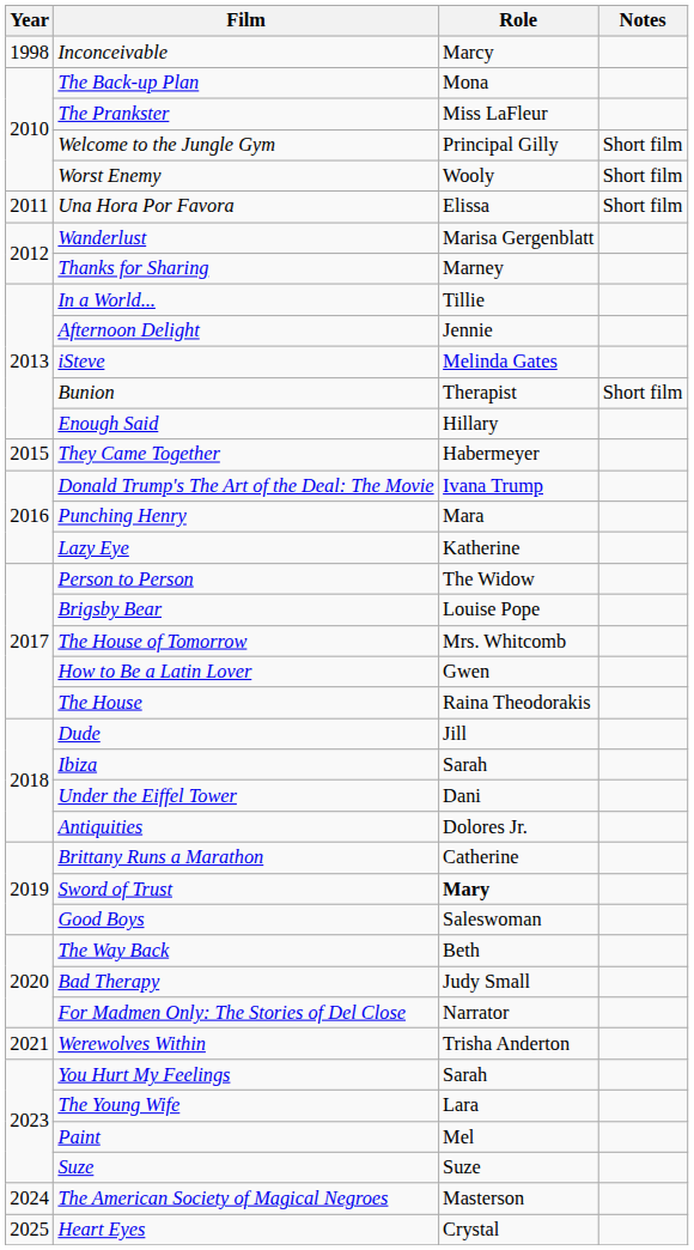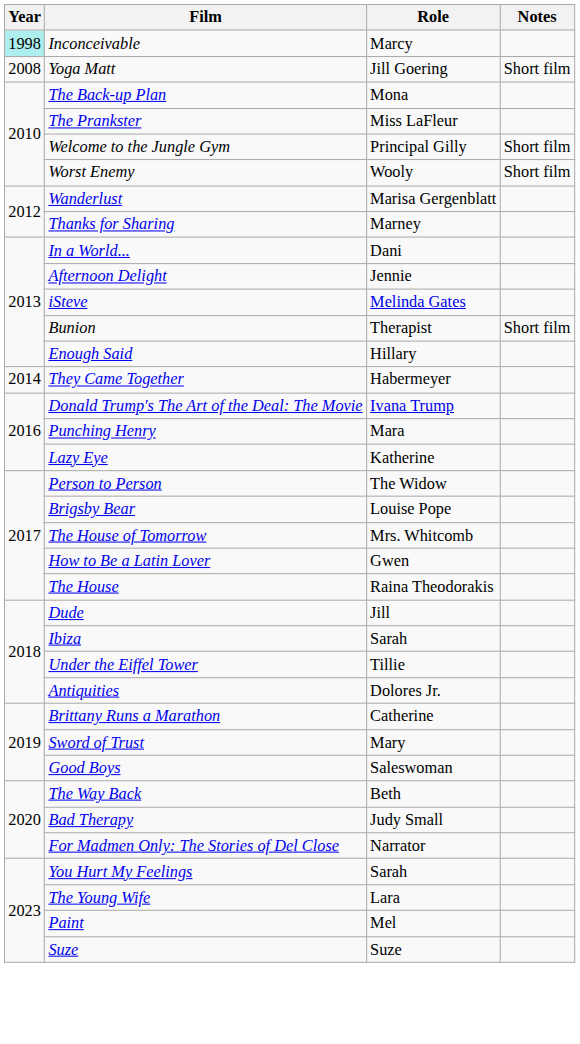 <table class="wikitable" style="font size:90%">
 <tr>
 <th>Year</th>
 <th>Film</th>
 <th>Role</th>
 <th>Notes</th>
 </tr>
 <tr>
-<td>1998</td>
+<td style="background: paleturquoise;">1998</td>
 <td><em>Inconceivable</em></td>
 <td>Marcy</td>
 <td></td>
+</tr>
+<tr>
+<td>2008</td>
+<td><em>Yoga Matt</em></td>
+<td>Jill Goering</td>
+<td>Short film</td>
 </tr>
 <tr>
 <td rowspan="4">2010</td>
 <td><em><a href='#'>The Back-up Plan</a></em></td>
 <td>Mona</td>
 <td></td>
 </tr>
 <tr>
 <td><em><a href='#'>The Prankster</a></em></td>
 <td>Miss LaFleur</td>
 <td></td>
 </tr>
 <tr>
 <td><em>Welcome to the Jungle Gym</em></td>
 <td>Principal Gilly</td>
 <td>Short film</td>
 </tr>
 <tr>
 <td><em>Worst Enemy</em></td>
 <td>Wooly</td>
 <td>Short film</td>
 </tr>
 <tr>
-<td>2011</td>
-<td><em>Una Hora Por Favora</em></td>
-<td>Elissa</td>
-<td>Short film</td>
-</tr>
-<tr>
 <td rowspan="2">2012</td>
 <td><em><a href='#'>Wanderlust</a></em></td>
 <td>Marisa Gergenblatt</td>
 <td></td>
 </tr>
 <tr>
 <td><em><a href='#'>Thanks for Sharing</a></em></td>
 <td>Marney</td>
 <td></td>
 </tr>
 <tr>
 <td rowspan="5">2013</td>
 <td><em><a href='#'>In a World...</a></em></td>
-<td>Tillie</td>
+<td>Dani</td>
 <td></td>
 </tr>
 <tr>
 <td><em><a href='#'>Afternoon Delight</a></em></td>
 <td>Jennie</td>
 <td></td>
 </tr>
 <tr>
 <td><em><a href='#'>iSteve</a></em></td>
 <td><a href='#'>Melinda Gates</a></td>
 <td></td>
 </tr>
 <tr>
 <td><em>Bunion</em></td>
 <td>Therapist</td>
 <td>Short film</td>
 </tr>
 <tr>
 <td><em><a href='#'>Enough Said</a></em></td>
 <td>Hillary</td>
 <td></td>
 </tr>
 <tr>
-<td>2015</td>
+<td>2014</td>
 <td><em><a href='#'>They Came Together</a></em></td>
 <td>Habermeyer</td>
 <td></td>
 </tr>
 <tr>
 <td rowspan="3">2016</td>
 <td><em><a href='#'>Donald Trump's The Art of the Deal: The Movie</a></em></td>
 <td><a href='#'>Ivana Trump</a></td>
 <td></td>
 </tr>
 <tr>
 <td><em><a href='#'>Punching Henry</a></em></td>
 <td>Mara</td>
 <td></td>
 </tr>
 <tr>
 <td><em><a href='#'>Lazy Eye</a></em></td>
 <td>Katherine</td>
 <td></td>
 </tr>
 <tr>
 <td rowspan="5">2017</td>
 <td><em><a href='#'>Person to Person</a></em></td>
 <td>The Widow</td>
 <td></td>
 </tr>
 <tr>
 <td><em><a href='#'>Brigsby Bear</a></em></td>
 <td>Louise Pope</td>
 <td></td>
 </tr>
 <tr>
 <td><em><a href='#'>The House of Tomorrow</a></em></td>
 <td>Mrs. Whitcomb</td>
 <td></td>
 </tr>
 <tr>
 <td><em><a href='#'>How to Be a Latin Lover</a></em></td>
 <td>Gwen</td>
 <td></td>
 </tr>
 <tr>
 <td><em><a href='#'>The House</a></em></td>
 <td>Raina Theodorakis</td>
 <td></td>
 </tr>
 <tr>
 <td rowspan="4">2018</td>
 <td><em><a href='#'>Dude</a></em></td>
 <td>Jill</td>
 <td></td>
 </tr>
 <tr>
 <td><em><a href='#'>Ibiza</a></em></td>
 <td>Sarah</td>
 <td></td>
 </tr>
 <tr>
 <td><em><a href='#'>Under the Eiffel Tower</a></em></td>
-<td>Dani</td>
+<td>Tillie</td>
 <td></td>
 </tr>
 <tr>
 <td><em><a href='#'>Antiquities</a></em></td>
 <td>Dolores Jr.</td>
 <td></td>
 </tr>
 <tr>
 <td rowspan="3">2019</td>
 <td><em><a href='#'>Brittany Runs a Marathon</a></em></td>
 <td>Catherine</td>
 <td></td>
 </tr>
 <tr>
 <td><em><a href='#'>Sword of Trust</a></em></td>
-<td><strong>Mary</strong></td>
+<td>Mary</td>
 <td></td>
 </tr>
 <tr>
 <td><em><a href='#'>Good Boys</a></em></td>
 <td>Saleswoman</td>
 <td></td>
 </tr>
 <tr>
 <td rowspan="3">2020</td>
 <td><em><a href='#'>The Way Back</a></em></td>
 <td>Beth</td>
 <td></td>
 </tr>
 <tr>
 <td><em><a href='#'>Bad Therapy</a></em></td>
 <td>Judy Small</td>
 <td></td>
 </tr>
 <tr>
 <td><em><a href='#'>For Madmen Only: The Stories of Del Close</a></em></td>
 <td>Narrator</td>
 <td></td>
 </tr>
 <tr>
-<td>2021</td>
-<td><em><a href='#'>Werewolves Within</a></em></td>
-<td>Trisha Anderton</td>
-<td></td>
-</tr>
-<tr>
 <td rowspan="4">2023</td>
 <td><em><a href='#'>You Hurt My Feelings</a></em></td>
 <td>Sarah</td>
 <td></td>
 </tr>
 <tr>
 <td><em><a href='#'>The Young Wife</a></em></td>
 <td>Lara</td>
 <td></td>
 </tr>
 <tr>
 <td><em><a href='#'>Paint</a></em></td>
 <td>Mel</td>
 <td></td>
 </tr>
 <tr>
 <td><em><a href='#'>Suze</a></em></td>
 <td>Suze</td>
 <td></td>
 </tr>
-<tr>
-<td>2024</td>
-<td><em><a href='#'>The American Society of Magical Negroes</a></em></td>
-<td>Masterson</td>
-<td></td>
-</tr>
-<tr>
-<td>2025</td>
-<td><em><a href='#'>Heart Eyes</a></em></td>
-<td>Crystal</td>
-<td></td>
-</tr>
 </table>
